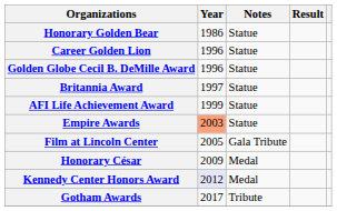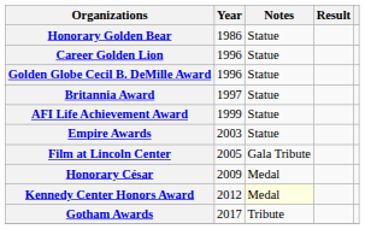 <table class= "wikitable plainrowheaders sortable">
 <tr>
 <th>Organizations</th>
 <th scope="col">Year</th>
 <th scope="col">Notes</th>
 <th scope="col">Result</th>
 <th scope="col" class="unsortable"></th>
 </tr>
 <tr>
 <th rowspan="1" scope="row"><a href='#'>Honorary Golden Bear</a></th>
 <td>1986</td>
 <td>Statue</td>
 <td></td>
 <td style="text-align:center;"></td>
 </tr>
 <tr>
 <th rowspan="1" scope="row"><a href='#'>Career Golden Lion</a></th>
 <td>1996</td>
 <td>Statue</td>
 <td></td>
 <td style="text-align:center;"></td>
 </tr>
 <tr>
 <th rowspan="1" scope="row"><a href='#'>Golden Globe Cecil B. DeMille Award</a></th>
 <td>1996</td>
 <td>Statue</td>
 <td></td>
 <td style="text-align:center;"></td>
 </tr>
 <tr>
 <th rowspan="1" scope="row"><a href='#'>Britannia Award</a></th>
 <td>1997</td>
 <td>Statue</td>
 <td></td>
 <td style="text-align:center;"></td>
 </tr>
 <tr>
 <th rowspan="1" scope="row"><a href='#'>AFI Life Achievement Award</a></th>
 <td>1999</td>
 <td>Statue</td>
 <td></td>
 <td style="text-align:center;"></td>
 </tr>
 <tr>
 <th rowspan="1" scope="row"><a href='#'>Empire Awards</a></th>
-<td style="background: lightsalmon;">2003</td>
+<td>2003</td>
 <td>Statue</td>
 <td></td>
 <td style="text-align:center;"></td>
 </tr>
 <tr>
 <th rowspan="1" scope="row"><a href='#'>Film at Lincoln Center</a></th>
 <td>2005</td>
 <td>Gala Tribute</td>
 <td></td>
 <td style="text-align:center;"></td>
 </tr>
 <tr>
 <th rowspan="1" scope="row"><a href='#'>Honorary César</a></th>
 <td>2009</td>
 <td>Medal</td>
 <td></td>
 <td style="text-align:center;"></td>
 </tr>
 <tr>
 <th rowspan="1" scope="row"><a href='#'>Kennedy Center Honors Award</a></th>
-<td style="background: lavender;">2012</td>
-<td>Medal</td>
+<td>2012</td>
+<td style="background: lightyellow;">Medal</td>
 <td></td>
 <td style="text-align:center;"></td>
 </tr>
 <tr>
 <th rowspan="1" scope="row"><a href='#'>Gotham Awards</a></th>
 <td>2017</td>
 <td>Tribute</td>
 <td></td>
 <td style="text-align:center;"></td>
 </tr>
 <tr>
 </tr>
 </table>
